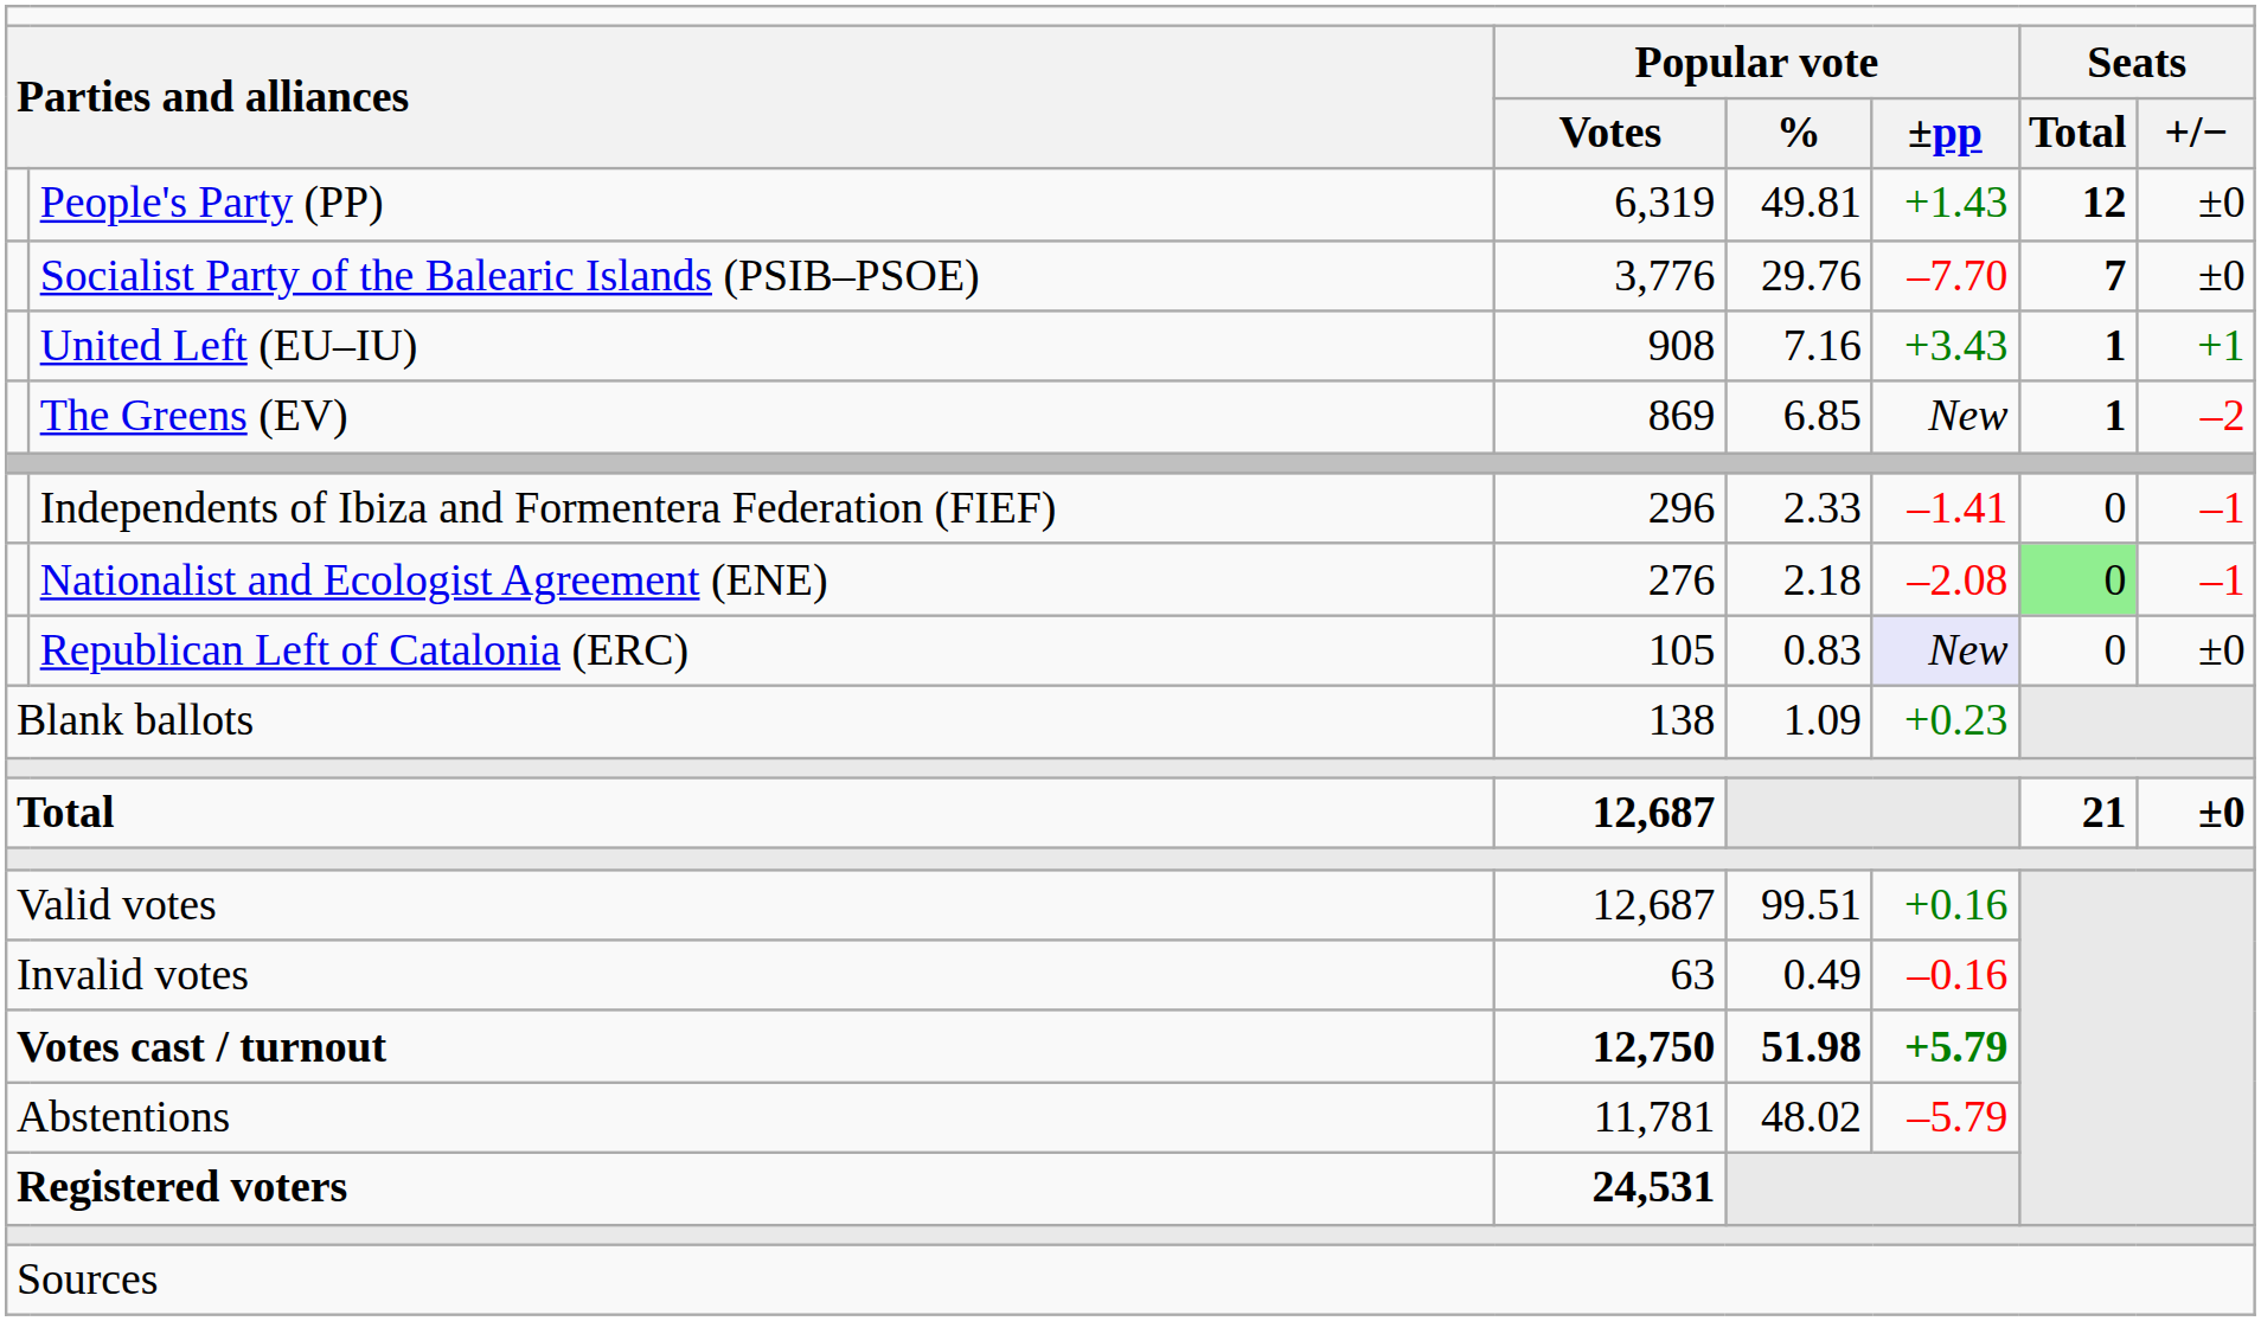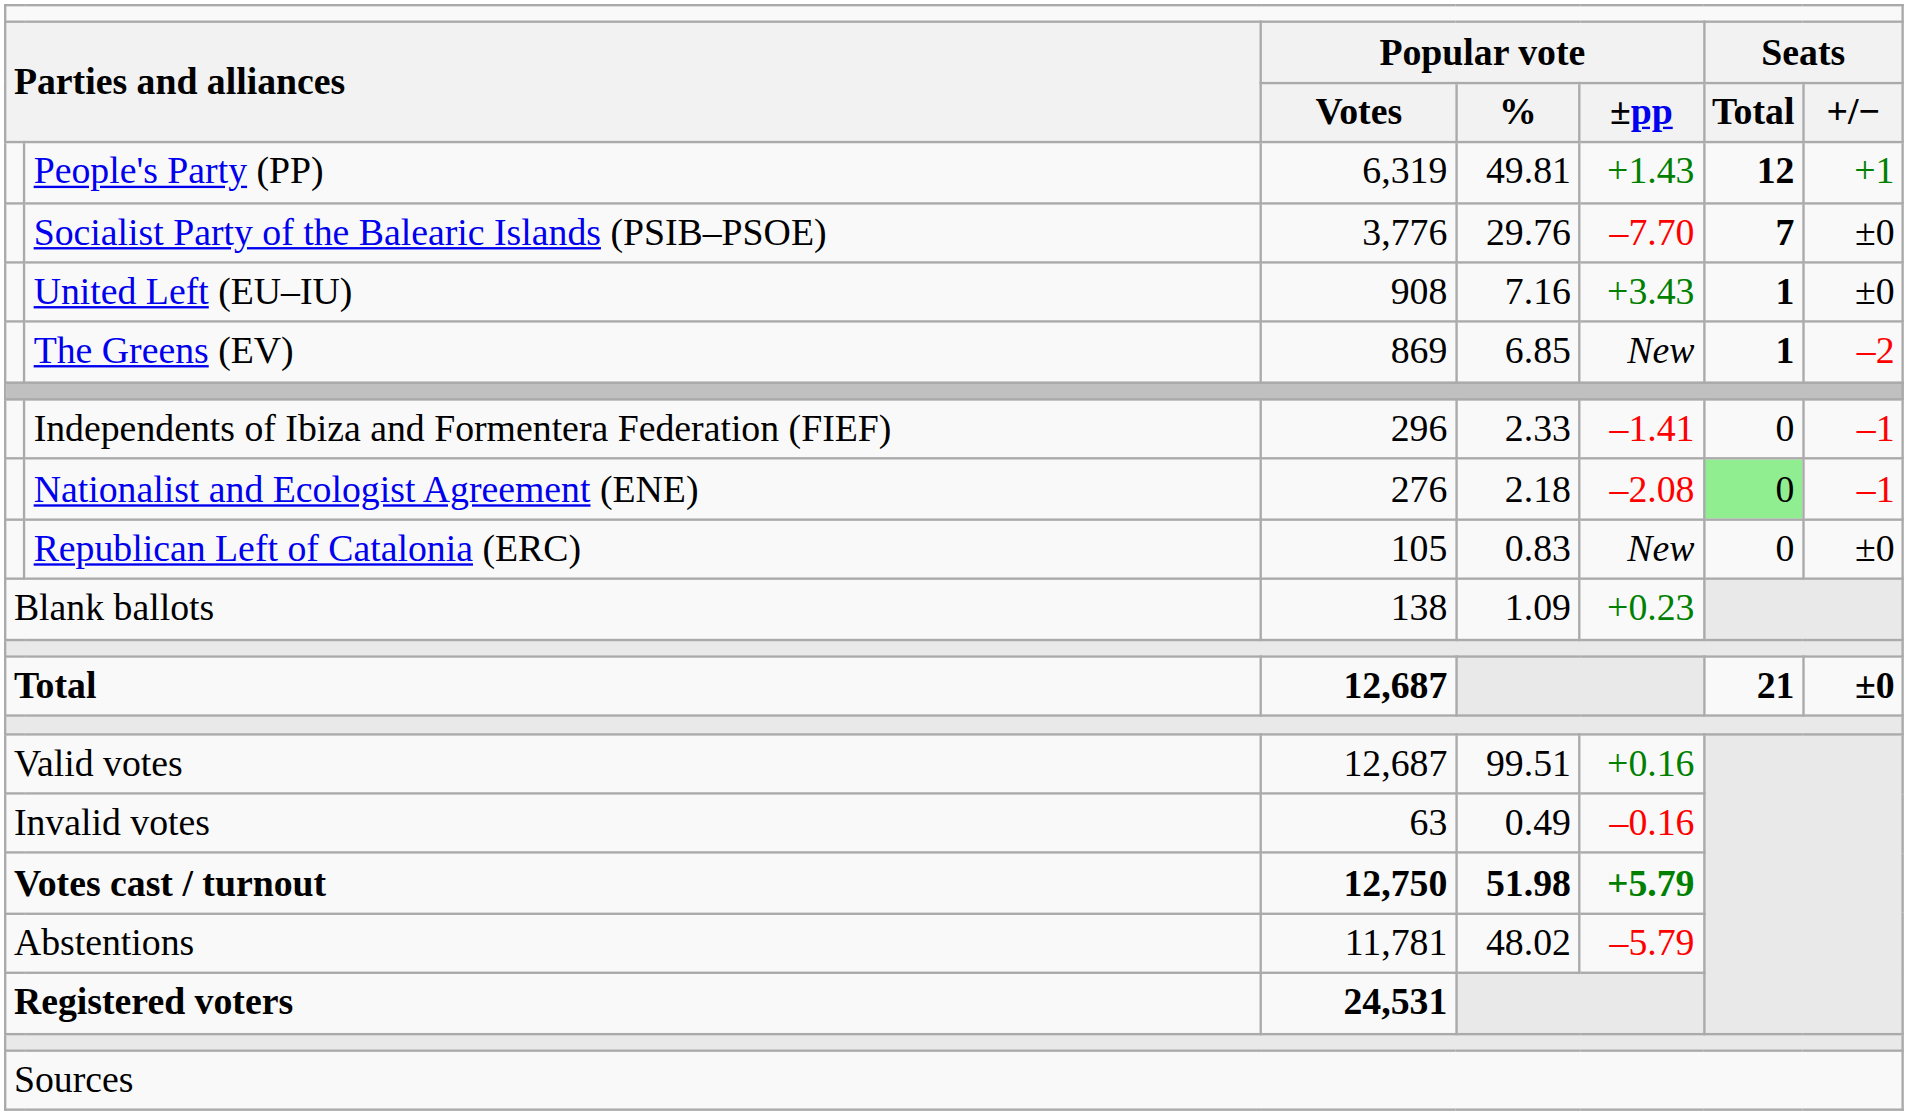 <table class="wikitable" style="text-align:right;">
 <tr>
 <td colspan="7"></td>
 </tr>
 <tr>
 <th style="text-align:left;" rowspan="2" colspan="2" width="525">Parties and alliances</th>
 <th colspan="3">Popular vote</th>
 <th colspan="2">Seats</th>
 </tr>
 <tr>
 <th width="75">Votes</th>
 <th width="45">%</th>
 <th width="45">±<a href='#'>pp</a></th>
 <th width="35">Total</th>
 <th width="35">+/−</th>
 </tr>
 <tr>
 <td width="1" style="color:inherit;background:"></td>
 <td align="left"><a href='#'>People's Party</a> (PP)</td>
 <td>6,319</td>
 <td>49.81</td>
 <td style="color:green;">+1.43</td>
 <td><strong>12</strong></td>
-<td>±0</td>
+<td style="color:green;">+1</td>
 </tr>
 <tr>
 <td style="color:inherit;background:"></td>
 <td align="left"><a href='#'>Socialist Party of the Balearic Islands</a> (PSIB–PSOE)</td>
 <td>3,776</td>
 <td>29.76</td>
 <td style="color:red;">–7.70</td>
 <td><strong>7</strong></td>
 <td>±0</td>
 </tr>
 <tr>
 <td style="color:inherit;background:"></td>
 <td align="left"><a href='#'>United Left</a> (EU–IU)</td>
 <td>908</td>
 <td>7.16</td>
 <td style="color:green;">+3.43</td>
 <td><strong>1</strong></td>
-<td style="color:green;">+1</td>
+<td>±0</td>
 </tr>
 <tr>
 <td style="color:inherit;background:"></td>
 <td align="left"><a href='#'>The Greens</a> (EV)</td>
 <td>869</td>
 <td>6.85</td>
 <td><em>New</em></td>
 <td><strong>1</strong></td>
 <td style="color:red;">–2</td>
 </tr>
 <tr>
 <td colspan="7" bgcolor="#C0C0C0"></td>
 </tr>
 <tr>
 <td style="color:inherit;background:"></td>
 <td align="left">Independents of Ibiza and Formentera Federation (FIEF)</td>
 <td>296</td>
 <td>2.33</td>
 <td style="color:red;">–1.41</td>
 <td>0</td>
 <td style="color:red;">–1</td>
 </tr>
 <tr>
 <td style="color:inherit;background:"></td>
 <td align="left"><a href='#'>Nationalist and Ecologist Agreement</a> (ENE)</td>
 <td>276</td>
 <td>2.18</td>
 <td style="color:red;">–2.08</td>
 <td style="background: lightgreen;">0</td>
 <td style="color:red;">–1</td>
 </tr>
 <tr>
 <td style="color:inherit;background:"></td>
 <td align="left"><a href='#'>Republican Left of Catalonia</a> (ERC)</td>
 <td>105</td>
 <td>0.83</td>
-<td style="background: lavender;"><em>New</em></td>
+<td><em>New</em></td>
 <td>0</td>
 <td>±0</td>
 </tr>
 <tr>
 <td align="left" colspan="2">Blank ballots</td>
 <td>138</td>
 <td>1.09</td>
 <td style="color:green;">+0.23</td>
 <td bgcolor="#E9E9E9" colspan="2"></td>
 </tr>
 <tr>
 <td colspan="7" bgcolor="#E9E9E9"></td>
 </tr>
 <tr style="font-weight:bold;">
 <td align="left" colspan="2">Total</td>
 <td>12,687</td>
 <td bgcolor="#E9E9E9" colspan="2"></td>
 <td>21</td>
 <td>±0</td>
 </tr>
 <tr>
 <td colspan="7" bgcolor="#E9E9E9"></td>
 </tr>
 <tr>
 <td align="left" colspan="2">Valid votes</td>
 <td>12,687</td>
 <td>99.51</td>
 <td style="color:green;">+0.16</td>
 <td bgcolor="#E9E9E9" colspan="2" rowspan="5"></td>
 </tr>
 <tr>
 <td align="left" colspan="2">Invalid votes</td>
 <td>63</td>
 <td>0.49</td>
 <td style="color:red;">–0.16</td>
 </tr>
 <tr style="font-weight:bold;">
 <td align="left" colspan="2">Votes cast / turnout</td>
 <td>12,750</td>
 <td>51.98</td>
 <td style="color:green;">+5.79</td>
 </tr>
 <tr>
 <td align="left" colspan="2">Abstentions</td>
 <td>11,781</td>
 <td>48.02</td>
 <td style="color:red;">–5.79</td>
 </tr>
 <tr style="font-weight:bold;">
 <td align="left" colspan="2">Registered voters</td>
 <td>24,531</td>
 <td bgcolor="#E9E9E9" colspan="2"></td>
 </tr>
 <tr>
 <td colspan="7" bgcolor="#E9E9E9"></td>
 </tr>
 <tr>
 <td align="left" colspan="7">Sources</td>
 </tr>
 </table>
